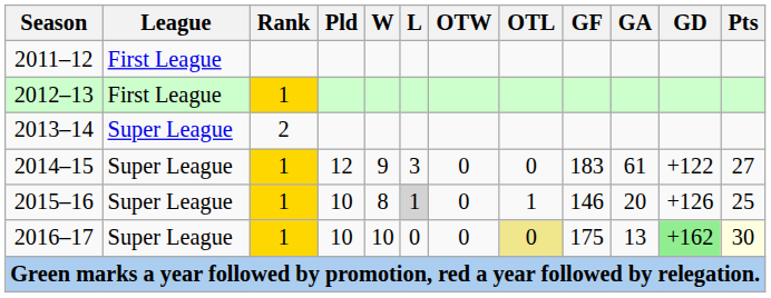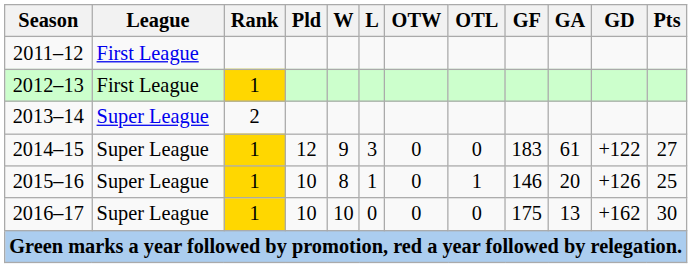 <table class="wikitable">
 <tr>
 <th>Season</th>
 <th>League</th>
 <th>Rank</th>
 <th>Pld</th>
 <th>W</th>
 <th>L</th>
 <th>OTW</th>
 <th>OTL</th>
 <th>GF</th>
 <th>GA</th>
 <th>GD</th>
 <th>Pts</th>
 </tr>
 <tr align=center>
 <td>2011–12</td>
 <td align=left><a href='#'>First League</a></td>
 <td></td>
 <td></td>
 <td></td>
 <td></td>
 <td></td>
 <td></td>
 <td></td>
 <td></td>
 <td></td>
 </tr>
 <tr align=center bgcolor=#cfc>
 <td>2012–13</td>
 <td align=left>First League</td>
 <td bgcolor=gold>1</td>
 <td></td>
 <td></td>
 <td></td>
 <td></td>
 <td></td>
 <td></td>
 <td></td>
 <td></td>
 <td></td>
 </tr>
 <tr align=center>
 <td>2013–14</td>
 <td align=left><a href='#'>Super League</a></td>
 <td>2</td>
 <td></td>
 <td></td>
 <td></td>
 <td></td>
 <td></td>
 <td></td>
 <td></td>
 <td></td>
 <td></td>
 </tr>
 <tr align=center>
 <td>2014–15</td>
 <td align=left>Super League</td>
 <td bgcolor=gold>1</td>
 <td>12</td>
 <td>9</td>
 <td>3</td>
 <td>0</td>
 <td>0</td>
 <td>183</td>
 <td>61</td>
 <td>+122</td>
 <td>27</td>
 </tr>
 <tr align=center>
 <td>2015–16</td>
 <td align=left>Super League</td>
 <td bgcolor=gold>1</td>
 <td>10</td>
 <td>8</td>
-<td style="background: lightgrey;">1</td>
+<td>1</td>
 <td>0</td>
 <td>1</td>
 <td>146</td>
 <td>20</td>
 <td>+126</td>
 <td>25</td>
 </tr>
 <tr align=center>
 <td>2016–17</td>
 <td align=left>Super League</td>
 <td bgcolor=gold>1</td>
 <td>10</td>
 <td>10</td>
 <td>0</td>
 <td>0</td>
-<td style="background: khaki;">0</td>
+<td>0</td>
 <td>175</td>
 <td>13</td>
-<td style="background: lightgreen;">+162</td>
-<td style="background: lightyellow;">30</td>
+<td>+162</td>
+<td>30</td>
 </tr>
 <tr bgcolor=#abcdef>
 <td colspan=12 align=center><strong>Green marks a year followed by promotion, red a year followed by relegation.</strong></td>
 </tr>
 </table>
